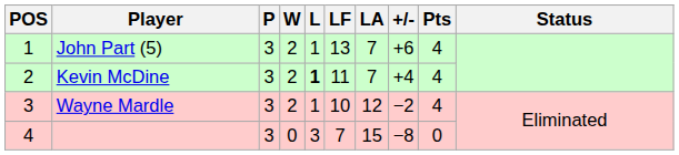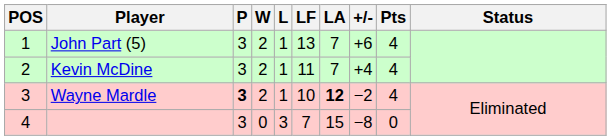 <table class="wikitable" style="text-align:center; margin: 1em auto 1em auto, align:left">
 <tr>
 <th width=20>POS</th>
 <th width=173>Player</th>
 <th width=3>P</th>
 <th width=3>W</th>
 <th width=3>L</th>
 <th width=19>LF</th>
 <th width=19>LA</th>
 <th width=19>+/-</th>
 <th width=19>Pts</th>
 <th width=183>Status</th>
 </tr>
 <tr style="background:#CCFFCC;">
 <td>1</td>
 <td style="text-align:left;"> <a href='#'>John Part</a> (5)</td>
 <td>3</td>
 <td>2</td>
 <td>1</td>
 <td>13</td>
 <td>7</td>
 <td>+6</td>
 <td>4</td>
 <td rowspan=2></td>
 </tr>
 <tr style="background:#CCFFCC;">
 <td>2</td>
 <td style="text-align:left;"> <a href='#'>Kevin McDine</a></td>
 <td>3</td>
 <td>2</td>
-<td><strong>1</strong></td>
+<td>1</td>
 <td>11</td>
 <td>7</td>
 <td>+4</td>
 <td>4</td>
 </tr>
 <tr style="background:#FFCCCC;">
 <td>3</td>
 <td style="text-align:left;"> <a href='#'>Wayne Mardle</a></td>
-<td>3</td>
+<td><strong>3</strong></td>
 <td>2</td>
 <td>1</td>
 <td>10</td>
-<td>12</td>
+<td><strong>12</strong></td>
 <td>−2</td>
 <td>4</td>
 <td rowspan=2>Eliminated</td>
 </tr>
 <tr style="background:#FFCCCC;">
 <td>4</td>
 <td style="text-align:left;"></td>
 <td>3</td>
 <td>0</td>
 <td>3</td>
 <td>7</td>
 <td>15</td>
 <td>−8</td>
 <td>0</td>
 </tr>
 </table>
